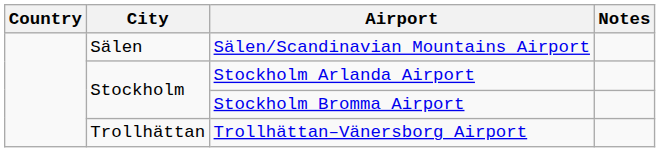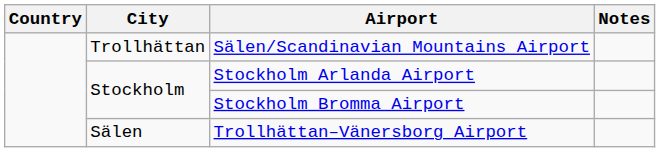 <table class="sortable wikitable">
 <tr>
 <th>Country</th>
 <th>City</th>
 <th>Airport</th>
 <th>Notes</th>
 </tr>
 <tr>
 <td rowspan="4"></td>
-<td>Sälen</td>
+<td>Trollhättan</td>
 <td><a href='#'>Sälen/Scandinavian Mountains Airport</a></td>
 </tr>
 <tr>
 <td rowspan="2">Stockholm</td>
 <td><a href='#'>Stockholm Arlanda Airport</a></td>
 <td></td>
 </tr>
 <tr>
 <td><a href='#'>Stockholm Bromma Airport</a></td>
 </tr>
 <tr>
-<td>Trollhättan</td>
+<td>Sälen</td>
 <td><a href='#'>Trollhättan–Vänersborg Airport</a></td>
 <td></td>
 </tr>
 </table>
